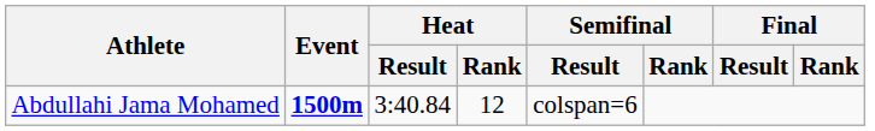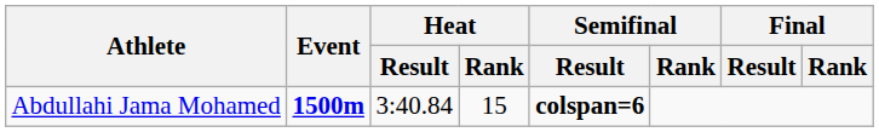 <table class="wikitable">
 <tr>
 <th rowspan="2">Athlete</th>
 <th rowspan="2">Event</th>
 <th colspan="2">Heat</th>
 <th colspan="2">Semifinal</th>
 <th colspan="2">Final</th>
 </tr>
 <tr>
 <th>Result</th>
 <th>Rank</th>
 <th>Result</th>
 <th>Rank</th>
 <th>Result</th>
 <th>Rank</th>
 </tr>
 <tr style=text-align:center>
 <td style=text-align:left><a href='#'>Abdullahi Jama Mohamed</a></td>
 <td style=text-align:left><strong><a href='#'>1500m</a></strong></td>
 <td>3:40.84</td>
-<td>12</td>
-<td>colspan=6 </td>
+<td>15</td>
+<td><strong>colspan=6 </strong></td>
 </tr>
 </table>
